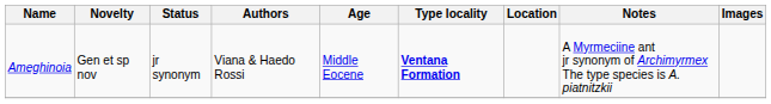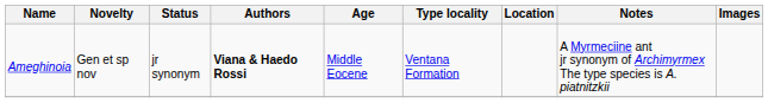 <table class="wikitable sortable" align="center" width="80%">
 <tr>
 <th>Name</th>
 <th>Novelty</th>
 <th>Status</th>
 <th>Authors</th>
 <th>Age</th>
 <th>Type locality</th>
 <th>Location</th>
 <th>Notes</th>
 <th>Images</th>
 </tr>
 <tr>
 <td><br><em><a href='#'>Ameghinoia</a></em></td>
 <td><br>Gen et sp nov</td>
 <td><br>jr synonym</td>
-<td><br>Viana & Haedo Rossi</td>
+<td><strong><br>Viana & Haedo Rossi</strong></td>
 <td><br><a href='#'>Middle Eocene</a></td>
-<td><strong><br><a href='#'>Ventana Formation</a></strong></td>
+<td><br><a href='#'>Ventana Formation</a></td>
 <td><br></td>
 <td><br>A <a href='#'>Myrmeciine</a> ant<br>  jr synonym of <em><a href='#'>Archimyrmex</a></em><br> The type species is <em>A. piatnitzkii</em></td>
 <td></td>
 </tr>
 <tr>
 </tr>
 </table>
